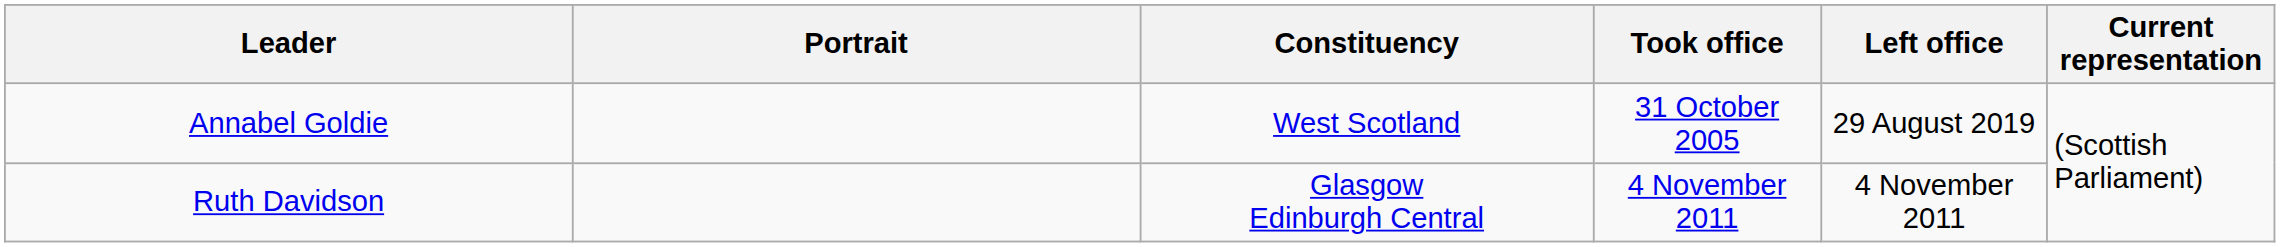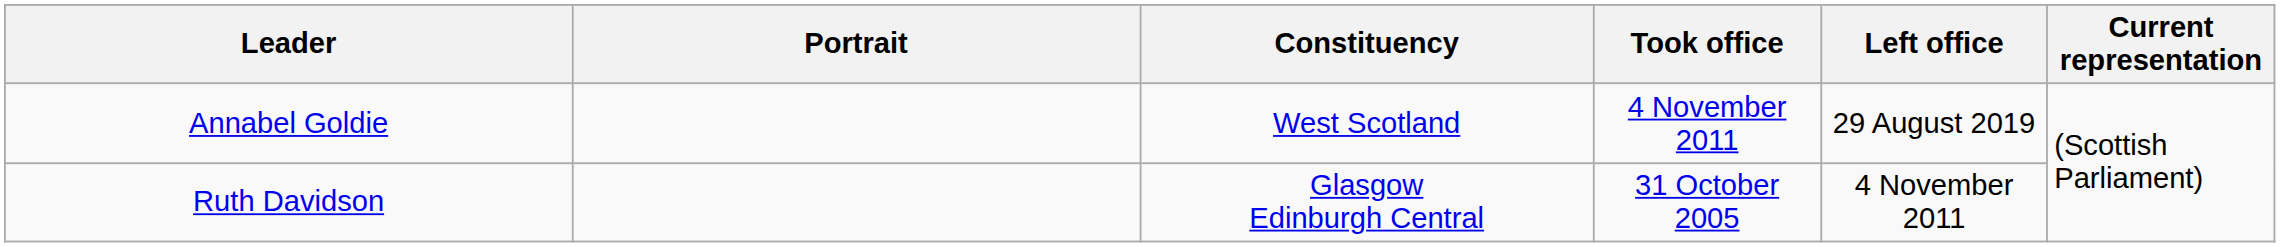 <table class="wikitable" style="text-align:center">
 <tr>
 <th style="width:25%;">Leader<br></th>
 <th width=60>Portrait</th>
 <th style="width:20%;">Constituency</th>
 <th style="width:10%;">Took office</th>
 <th style="width:10%;">Left office</th>
 <th style="width:10%;">Current representation</th>
 </tr>
 <tr>
 <td><a href='#'>Annabel Goldie</a><br></td>
 <td></td>
 <td><a href='#'>West Scotland</a> </td>
-<td><a href='#'>31 October 2005</a></td>
+<td><a href='#'>4 November 2011</a></td>
 <td>29 August 2019</td>
 <td rowspan=2 align=left> (Scottish Parliament)</td>
 </tr>
 <tr>
 <td><a href='#'>Ruth Davidson</a><br></td>
 <td></td>
 <td><a href='#'>Glasgow</a>  <br> <a href='#'>Edinburgh Central</a> </td>
-<td><a href='#'>4 November 2011</a></td>
+<td><a href='#'>31 October 2005</a></td>
 <td>4 November 2011</td>
 </tr>
 </table>
